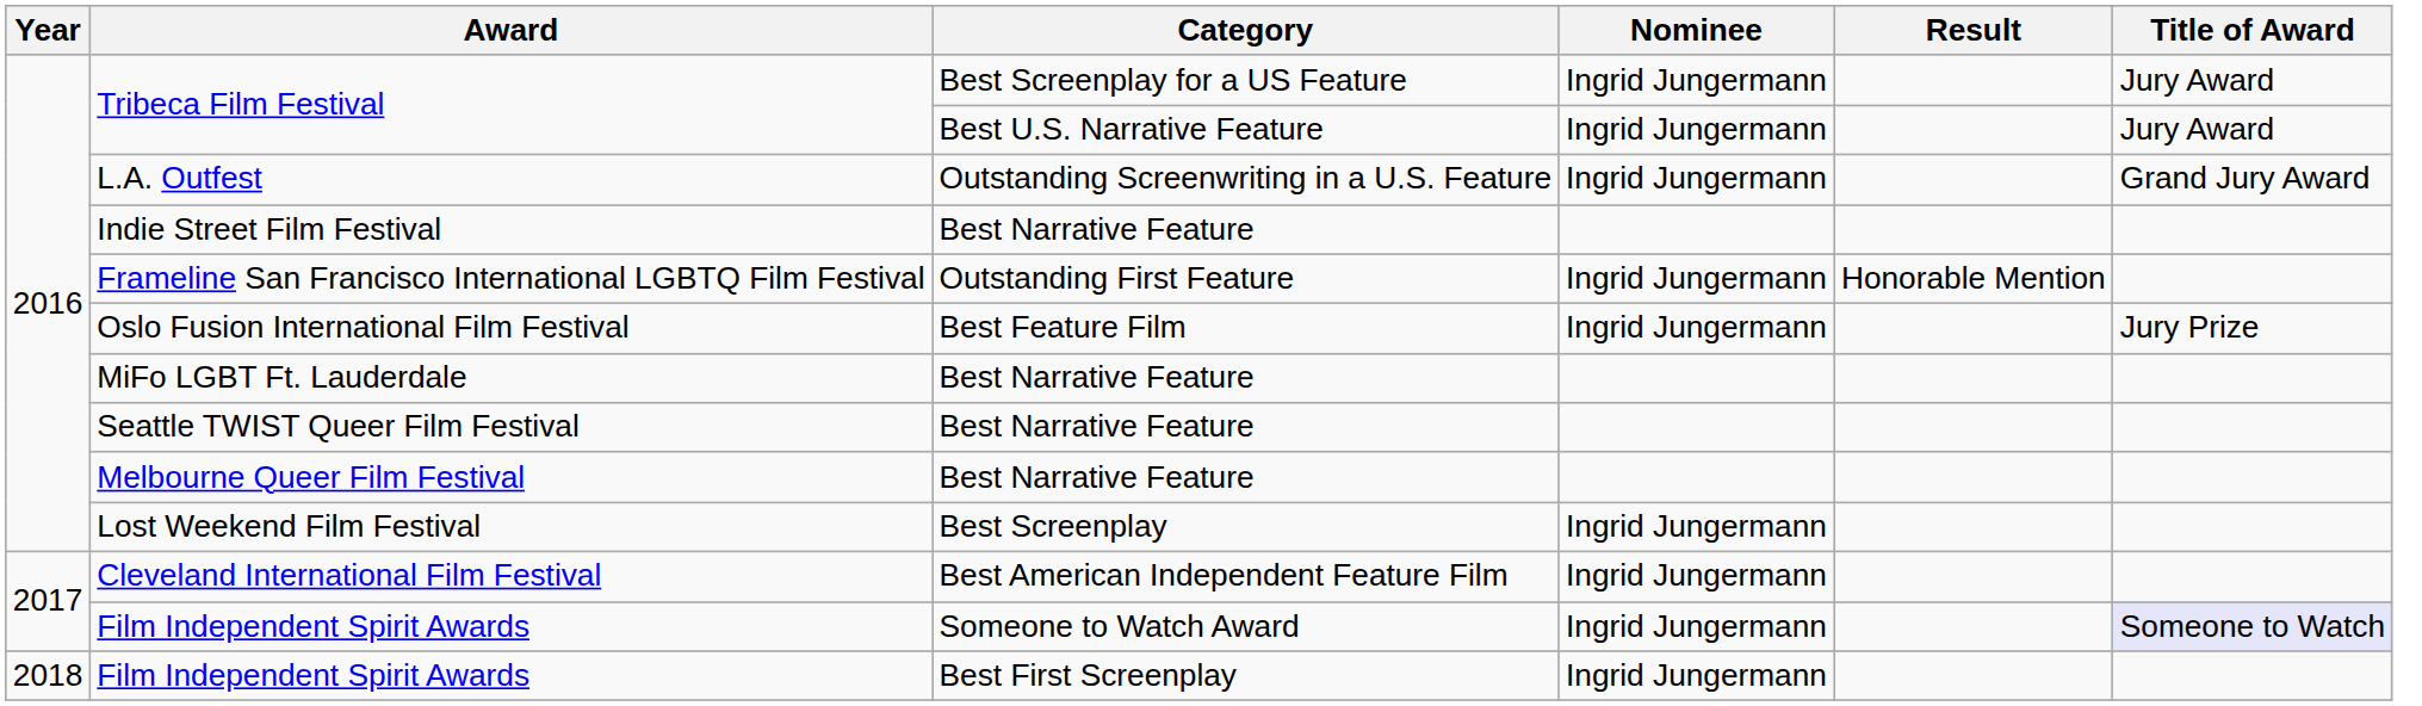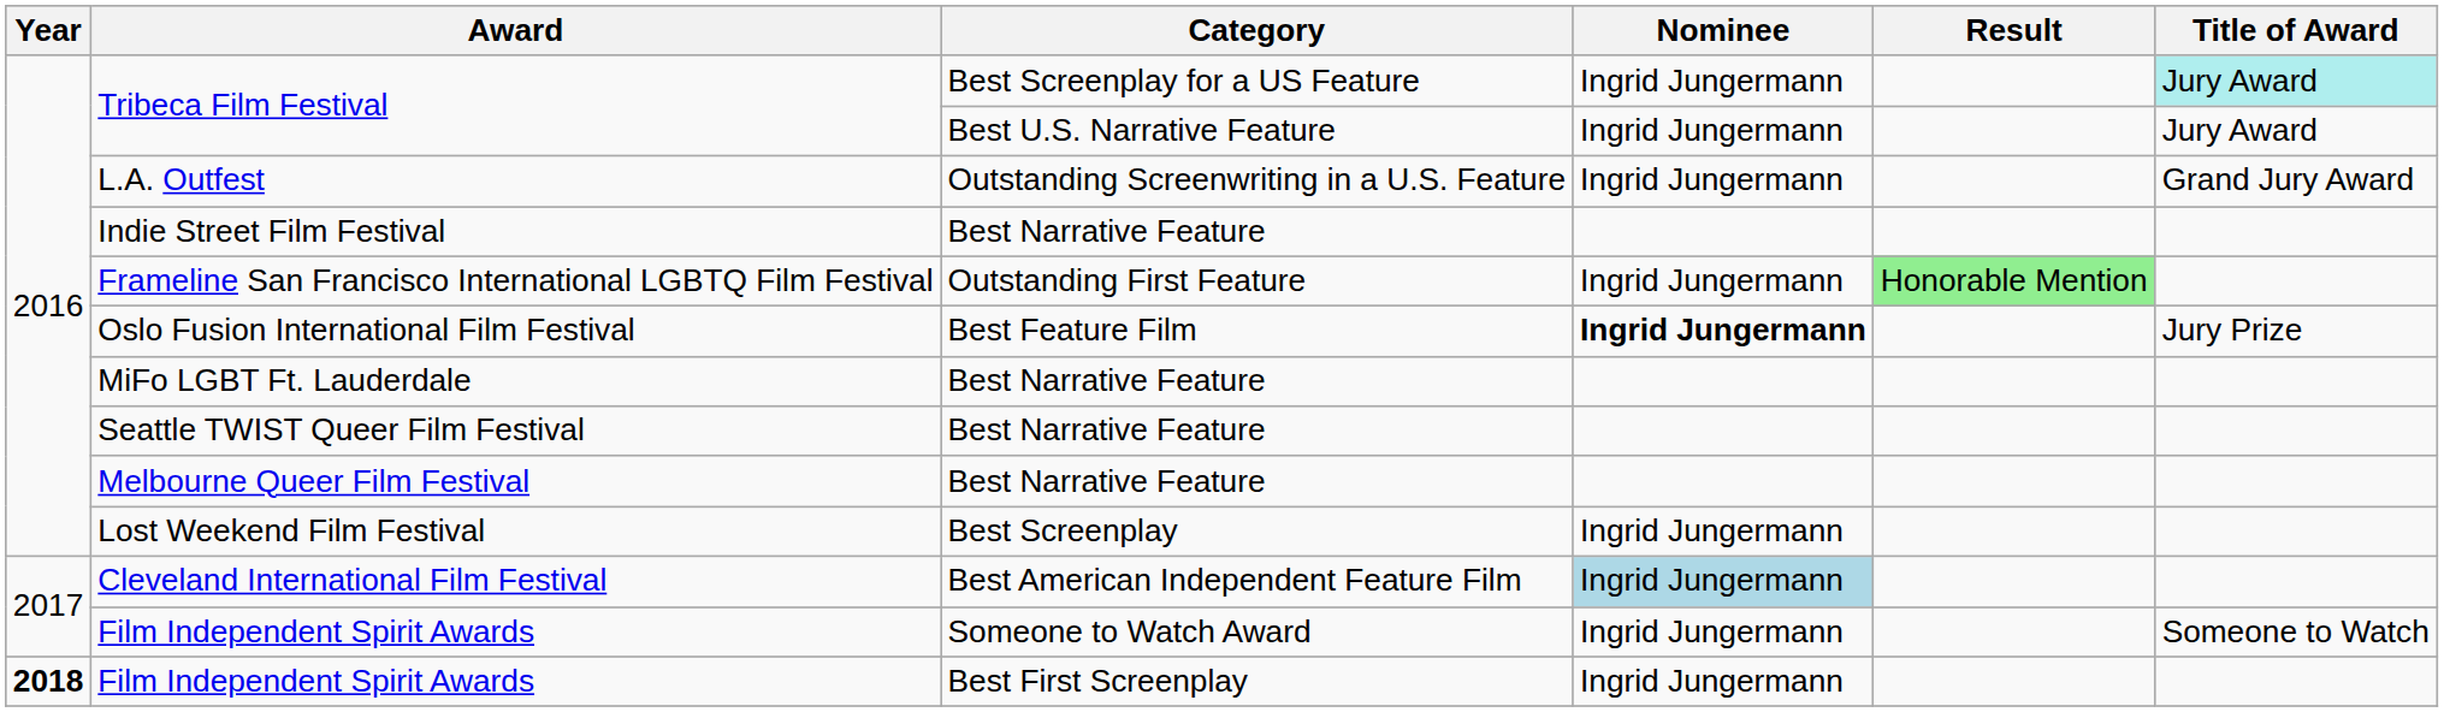 <table class="wikitable">
 <tr>
 <th>Year</th>
 <th>Award</th>
 <th>Category</th>
 <th>Nominee</th>
 <th>Result</th>
 <th>Title of Award</th>
 </tr>
 <tr>
 <td rowspan="10">2016</td>
 <td rowspan="2"><a href='#'>Tribeca Film Festival</a></td>
 <td>Best Screenplay for a US Feature</td>
 <td>Ingrid Jungermann</td>
 <td></td>
-<td>Jury Award</td>
+<td style="background: paleturquoise;">Jury Award</td>
 </tr>
 <tr>
 <td>Best U.S. Narrative Feature</td>
 <td>Ingrid Jungermann</td>
 <td></td>
 <td>Jury Award</td>
 </tr>
 <tr>
 <td>L.A. <a href='#'>Outfest</a></td>
 <td>Outstanding Screenwriting in a U.S. Feature</td>
 <td>Ingrid Jungermann</td>
 <td></td>
 <td>Grand Jury Award</td>
 </tr>
 <tr>
 <td>Indie Street Film Festival</td>
 <td>Best Narrative Feature</td>
 <td></td>
 <td></td>
 <td></td>
 </tr>
 <tr>
 <td><a href='#'>Frameline</a> San Francisco International LGBTQ Film Festival</td>
 <td>Outstanding First Feature</td>
 <td>Ingrid Jungermann</td>
-<td>Honorable Mention</td>
+<td style="background: lightgreen;">Honorable Mention</td>
 <td></td>
 </tr>
 <tr>
 <td>Oslo Fusion International Film Festival</td>
 <td>Best Feature Film</td>
-<td>Ingrid Jungermann</td>
+<td><strong>Ingrid Jungermann</strong></td>
 <td></td>
 <td>Jury Prize</td>
 </tr>
 <tr>
 <td>MiFo LGBT Ft. Lauderdale</td>
 <td>Best Narrative Feature</td>
 <td></td>
 <td></td>
 <td></td>
 </tr>
 <tr>
 <td>Seattle TWIST Queer Film Festival</td>
 <td>Best Narrative Feature</td>
 <td></td>
 <td></td>
 <td></td>
 </tr>
 <tr>
 <td><a href='#'>Melbourne Queer Film Festival</a></td>
 <td>Best Narrative Feature</td>
 <td></td>
 <td></td>
 <td></td>
 </tr>
 <tr>
 <td>Lost Weekend Film Festival</td>
 <td>Best Screenplay</td>
 <td>Ingrid Jungermann</td>
 <td></td>
 <td></td>
 </tr>
 <tr>
 <td rowspan="2">2017</td>
 <td><a href='#'>Cleveland International Film Festival</a></td>
 <td>Best American Independent Feature Film</td>
-<td>Ingrid Jungermann</td>
+<td style="background: lightblue;">Ingrid Jungermann</td>
 <td></td>
 <td></td>
 </tr>
 <tr>
 <td><a href='#'>Film Independent Spirit Awards</a></td>
 <td>Someone to Watch Award</td>
 <td>Ingrid Jungermann</td>
 <td></td>
-<td style="background: lavender;">Someone to Watch</td>
+<td>Someone to Watch</td>
 </tr>
 <tr>
-<td>2018</td>
+<td><strong>2018</strong></td>
 <td><a href='#'>Film Independent Spirit Awards</a></td>
 <td>Best First Screenplay</td>
 <td>Ingrid Jungermann</td>
 <td></td>
 <td></td>
 </tr>
 </table>
